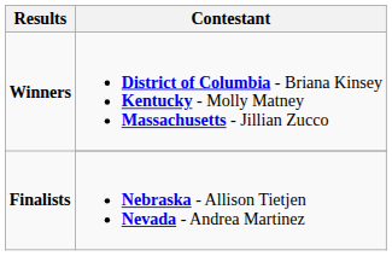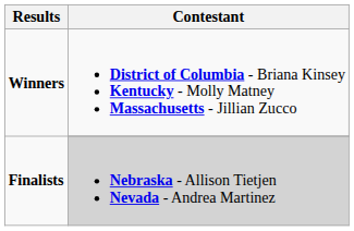 <table class="wikitable">
 <tr>
 <th>Results</th>
 <th>Contestant</th>
 </tr>
 <tr>
 <td><strong>Winners</strong></td>
 <td><br><ul><li> <strong><a href='#'>District of Columbia</a></strong> - Briana Kinsey</li><li> <strong><a href='#'>Kentucky</a></strong> - Molly Matney</li><li> <strong><a href='#'>Massachusetts</a></strong> - Jillian Zucco</li></ul></td>
 </tr>
 <tr>
 <td rowspan=5><strong>Finalists</strong></td>
 </tr>
 <tr>
-<td><br><ul><li> <strong><a href='#'>Nebraska</a></strong> - Allison Tietjen</li><li> <strong><a href='#'>Nevada</a></strong> - Andrea Martinez</li></ul></td>
+<td style="background: lightgrey;"><br><ul><li> <strong><a href='#'>Nebraska</a></strong> - Allison Tietjen</li><li> <strong><a href='#'>Nevada</a></strong> - Andrea Martinez</li></ul></td>
 </tr>
 </table>
